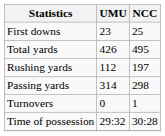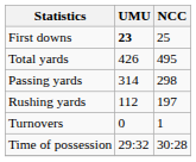 <table class="wikitable">
 <tr>
 <th>Statistics</th>
 <th>UMU</th>
 <th>NCC</th>
 </tr>
 <tr>
 <td>First downs</td>
-<td>23</td>
+<td><strong>23</strong></td>
 <td>25</td>
 </tr>
 <tr>
 <td>Total yards</td>
 <td>426</td>
 <td>495</td>
 </tr>
 <tr>
+<td>Passing yards</td>
+<td>314</td>
+<td>298</td>
+</tr>
+<tr>
 <td>Rushing yards</td>
 <td>112</td>
 <td>197</td>
-</tr>
-<tr>
-<td>Passing yards</td>
-<td>314</td>
-<td>298</td>
 </tr>
 <tr>
 <td>Turnovers</td>
 <td>0</td>
 <td>1</td>
 </tr>
 <tr>
 <td>Time of possession</td>
 <td>29:32</td>
 <td>30:28</td>
 </tr>
 <tr>
 </tr>
 </table>
